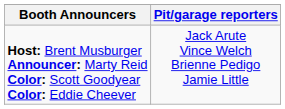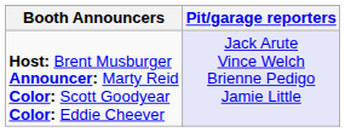 <table class="wikitable" style="font-size: 95%;">
 <tr>
 </tr>
 <tr>
 <th>Booth Announcers</th>
 <th><a href='#'>Pit/garage reporters</a></th>
 </tr>
 <tr>
 <td valign="top"><br><strong>Host:</strong> <a href='#'>Brent Musburger</a><br> <strong><a href='#'>Announcer</a>:</strong> <a href='#'>Marty Reid</a><br> <strong><a href='#'>Color</a>:</strong> <a href='#'>Scott Goodyear</a><br> <strong><a href='#'>Color</a>:</strong> <a href='#'>Eddie Cheever</a><br></td>
-<td align="center" valign="top"><a href='#'>Jack Arute</a><br><a href='#'>Vince Welch</a><br><a href='#'>Brienne Pedigo</a><br><a href='#'>Jamie Little</a></td>
+<td align="center" valign="top" style="background: lavender;"><a href='#'>Jack Arute</a><br><a href='#'>Vince Welch</a><br><a href='#'>Brienne Pedigo</a><br><a href='#'>Jamie Little</a></td>
 </tr>
 </table>
